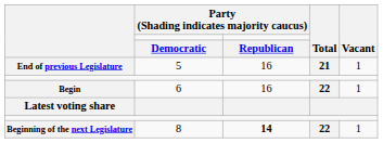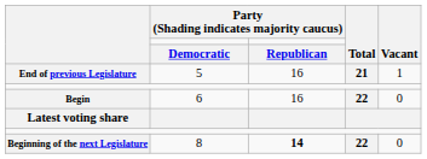 <table class=wikitable style="text-align:center">
 <tr style="vertical-align:bottom;">
 <th rowspan=3></th>
 <th colspan=2>Party <div>(Shading indicates majority caucus)</div></th>
 <th rowspan=3>Total</th>
 <th rowspan=3>Vacant</th>
 </tr>
 <tr style="height:5px">
 <td style="background-color:"></td>
 <td style="background-color:"></td>
 </tr>
 <tr>
 <th><a href='#'>Democratic</a></th>
 <th><a href='#'>Republican</a></th>
 </tr>
 <tr>
 <th style="white-space:nowrap; font-size:80%;">End of <a href='#'>previous Legislature</a></th>
 <td>5</td>
 <td>16</td>
 <th>21</th>
 <td>1</td>
 </tr>
 <tr>
 <td colspan=5></td>
 </tr>
 <tr>
 <th style="font-size:80%">Begin</th>
 <td>6</td>
 <td>16</td>
 <th>22</th>
-<td>1</td>
+<td>0</td>
 </tr>
 <tr>
 <th>Latest voting share</th>
 <th></th>
 <th></th>
 <th colspan=2></th>
 </tr>
 <tr>
 <td colspan=5></td>
 </tr>
 <tr>
 <th style="white-space:nowrap; font-size:80%;">Beginning of the <a href='#'>next Legislature</a></th>
 <td>8</td>
 <td><strong>14</strong></td>
 <th>22</th>
-<td>1</td>
+<td>0</td>
 </tr>
 </table>
